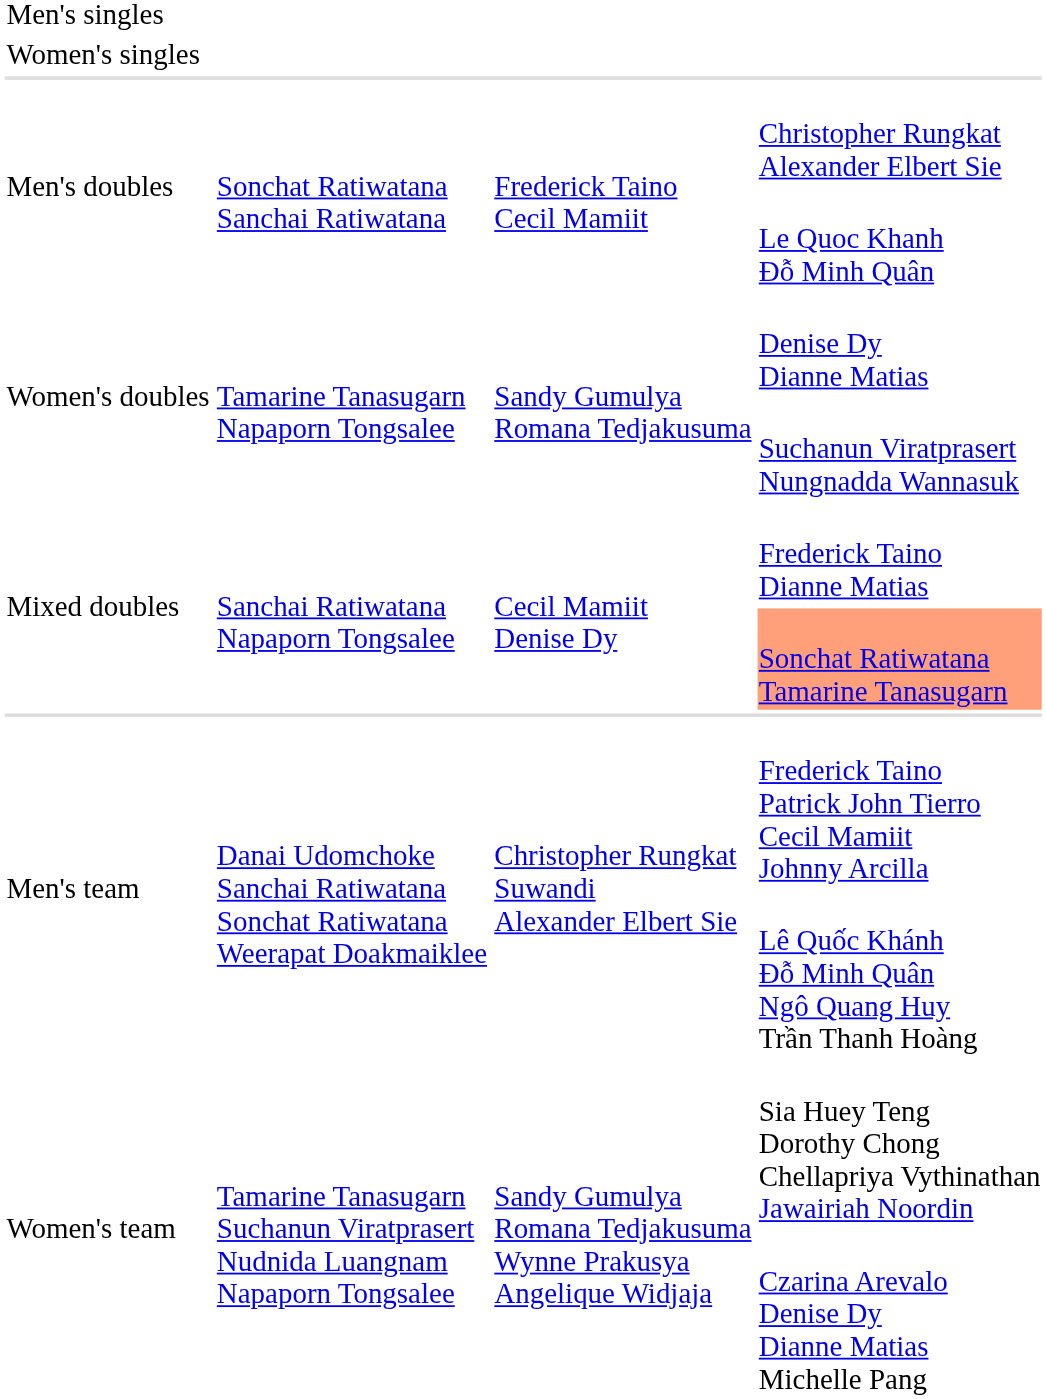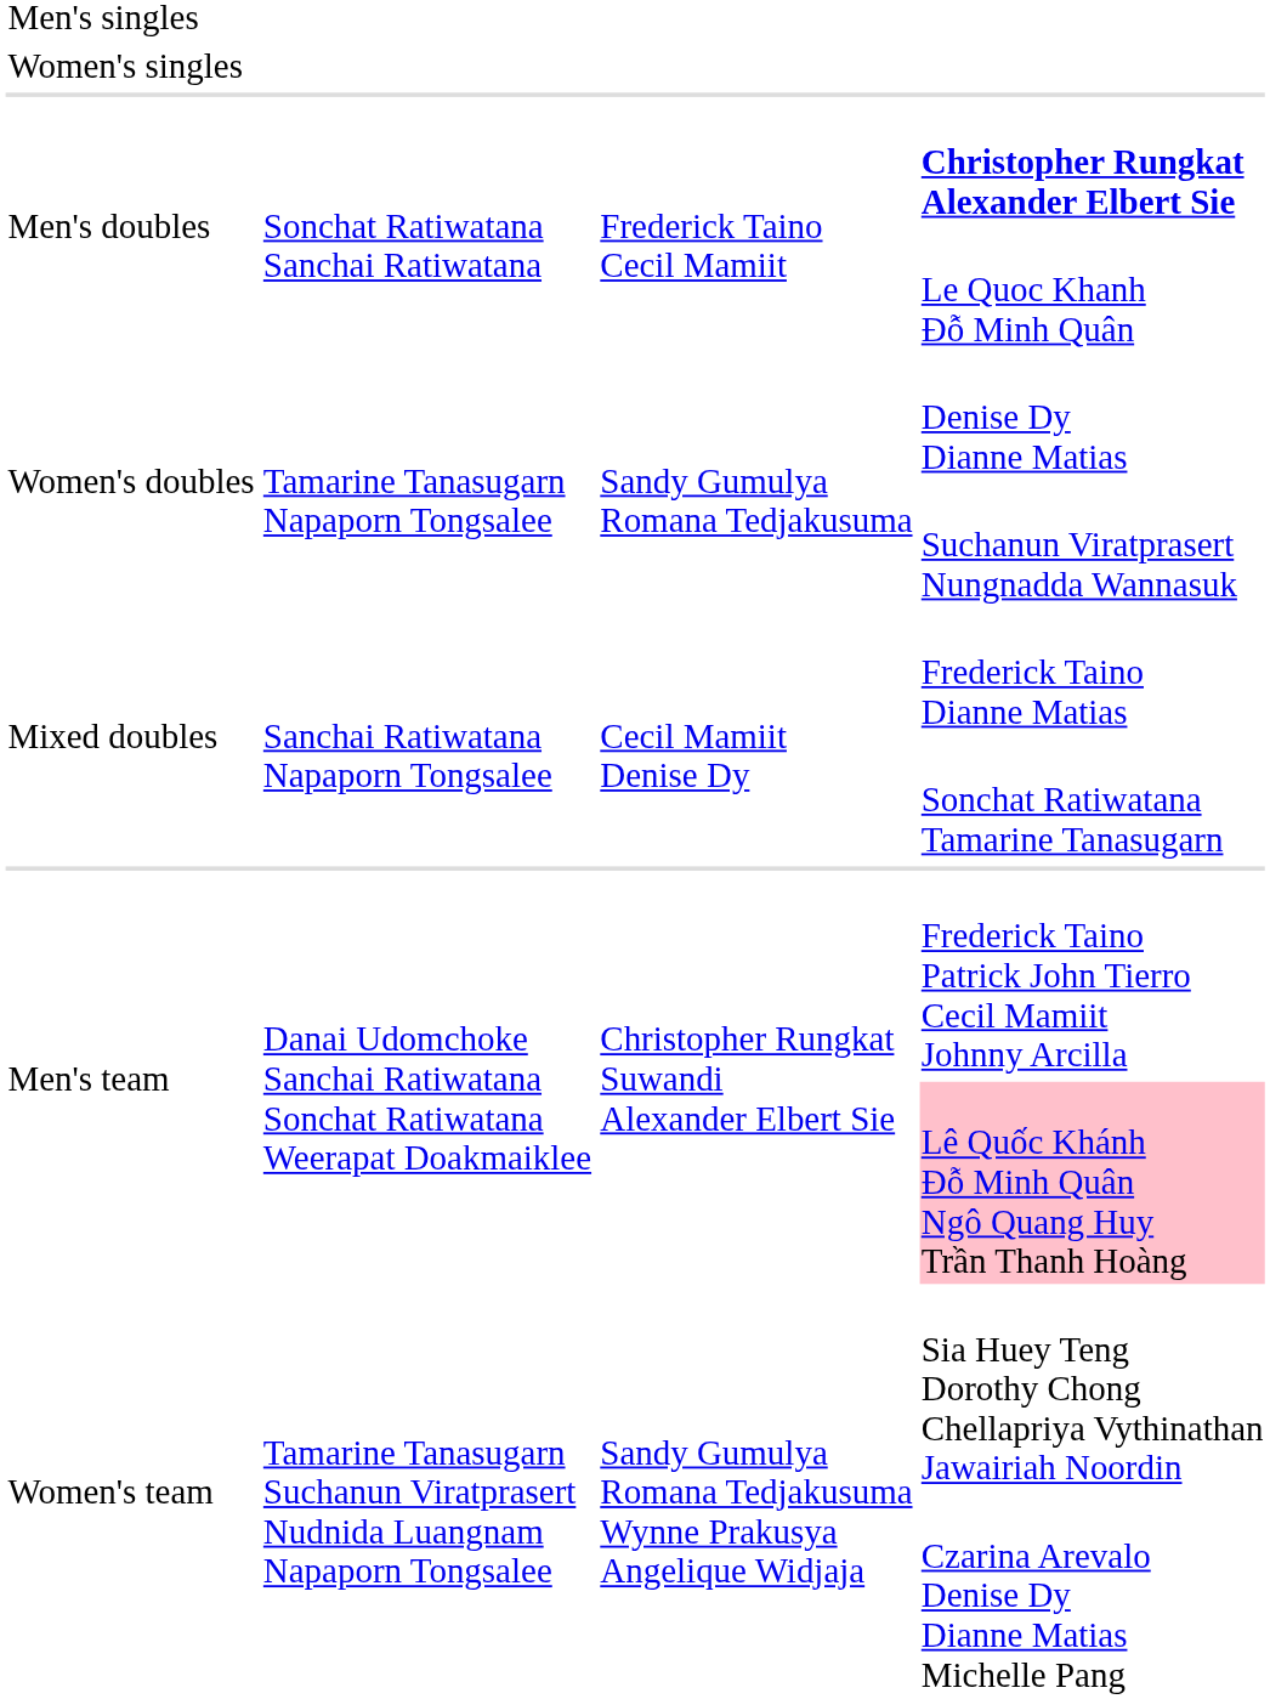 <table>
 <tr>
 <td rowspan=2>Men's singles</td>
 <td rowspan=2></td>
 <td rowspan=2></td>
 <td></td>
 </tr>
 <tr>
 <td></td>
 </tr>
 <tr>
 <td rowspan=2>Women's singles</td>
 <td rowspan=2></td>
 <td rowspan=2></td>
 <td></td>
 </tr>
 <tr>
 <td nowrap></td>
 </tr>
 <tr bgcolor=#dddddd>
 <td colspan=5></td>
 </tr>
 <tr>
 <td rowspan=2>Men's doubles</td>
 <td rowspan=2> <br> <a href='#'>Sonchat Ratiwatana</a> <br> <a href='#'>Sanchai Ratiwatana</a></td>
 <td rowspan=2> <br> <a href='#'>Frederick Taino</a> <br> <a href='#'>Cecil Mamiit</a></td>
-<td> <br> <a href='#'>Christopher Rungkat</a> <br> <a href='#'>Alexander Elbert Sie</a></td>
+<td><strong> <br> <a href='#'>Christopher Rungkat</a> <br> <a href='#'>Alexander Elbert Sie</a></strong></td>
 </tr>
 <tr>
 <td> <br> <a href='#'>Le Quoc Khanh</a> <br> <a href='#'>Đỗ Minh Quân</a></td>
 </tr>
 <tr>
 <td rowspan=2>Women's doubles</td>
 <td rowspan=2> <br> <a href='#'>Tamarine Tanasugarn</a> <br> <a href='#'>Napaporn Tongsalee</a></td>
 <td rowspan=2> <br> <a href='#'>Sandy Gumulya</a> <br> <a href='#'>Romana Tedjakusuma</a></td>
 <td> <br> <a href='#'>Denise Dy</a> <br> <a href='#'>Dianne Matias</a></td>
 </tr>
 <tr>
 <td> <br> <a href='#'>Suchanun Viratprasert</a> <br> <a href='#'>Nungnadda Wannasuk</a></td>
 </tr>
 <tr>
 <td rowspan=2>Mixed doubles</td>
 <td rowspan=2> <br> <a href='#'>Sanchai Ratiwatana</a> <br> <a href='#'>Napaporn Tongsalee</a></td>
 <td rowspan=2> <br> <a href='#'>Cecil Mamiit</a> <br> <a href='#'>Denise Dy</a></td>
 <td> <br> <a href='#'>Frederick Taino</a> <br> <a href='#'>Dianne Matias</a></td>
 </tr>
 <tr>
-<td style="background: lightsalmon;"> <br> <a href='#'>Sonchat Ratiwatana</a> <br> <a href='#'>Tamarine Tanasugarn</a></td>
+<td> <br> <a href='#'>Sonchat Ratiwatana</a> <br> <a href='#'>Tamarine Tanasugarn</a></td>
 </tr>
 <tr bgcolor=#dddddd>
 <td colspan=5></td>
 </tr>
 <tr>
 <td rowspan=2>Men's team</td>
 <td rowspan=2 nowrap> <br> <a href='#'>Danai Udomchoke</a> <br> <a href='#'>Sanchai Ratiwatana</a> <br> <a href='#'>Sonchat Ratiwatana</a> <br> <a href='#'>Weerapat Doakmaiklee</a></td>
 <td rowspan=2> <br> <a href='#'>Christopher Rungkat</a> <br> <a href='#'>Suwandi</a> <br> <a href='#'>Alexander Elbert Sie</a><br> </td>
 <td> <br> <a href='#'>Frederick Taino</a> <br> <a href='#'>Patrick John Tierro</a> <br> <a href='#'>Cecil Mamiit</a> <br> <a href='#'>Johnny Arcilla</a></td>
 </tr>
 <tr>
-<td> <br> <a href='#'>Lê Quốc Khánh</a> <br> <a href='#'>Đỗ Minh Quân</a> <br> <a href='#'>Ngô Quang Huy</a> <br> Trần Thanh Hoàng</td>
+<td style="background: pink;"> <br> <a href='#'>Lê Quốc Khánh</a> <br> <a href='#'>Đỗ Minh Quân</a> <br> <a href='#'>Ngô Quang Huy</a> <br> Trần Thanh Hoàng</td>
 </tr>
 <tr>
 <td rowspan=2>Women's team</td>
 <td rowspan=2> <br> <a href='#'>Tamarine Tanasugarn</a> <br> <a href='#'>Suchanun Viratprasert</a> <br> <a href='#'>Nudnida Luangnam</a> <br> <a href='#'>Napaporn Tongsalee</a></td>
 <td rowspan=2 nowrap> <br> <a href='#'>Sandy Gumulya</a> <br> <a href='#'>Romana Tedjakusuma</a> <br> <a href='#'>Wynne Prakusya</a> <br> <a href='#'>Angelique Widjaja</a></td>
 <td> <br> Sia Huey Teng <br> Dorothy Chong <br> Chellapriya Vythinathan <br> <a href='#'>Jawairiah Noordin</a></td>
 </tr>
 <tr>
 <td> <br> <a href='#'>Czarina Arevalo</a> <br> <a href='#'>Denise Dy</a> <br> <a href='#'>Dianne Matias</a> <br> Michelle Pang</td>
 </tr>
 <tr>
 </tr>
 </table>
